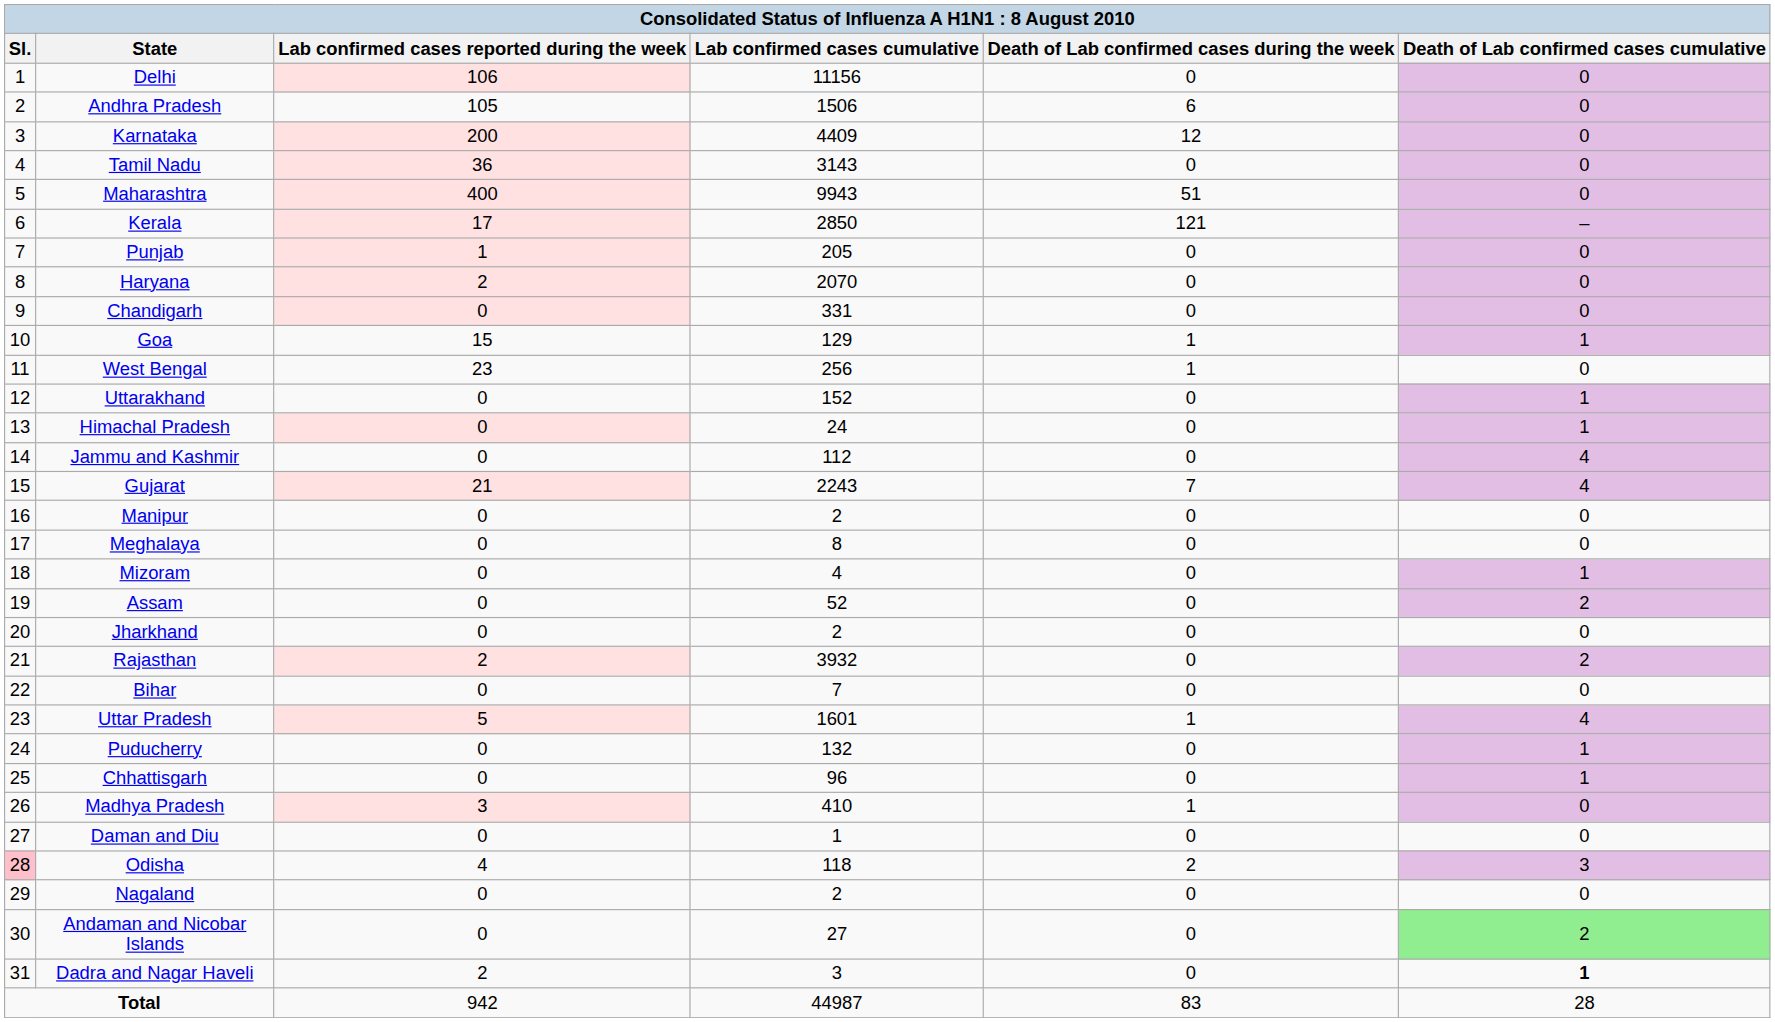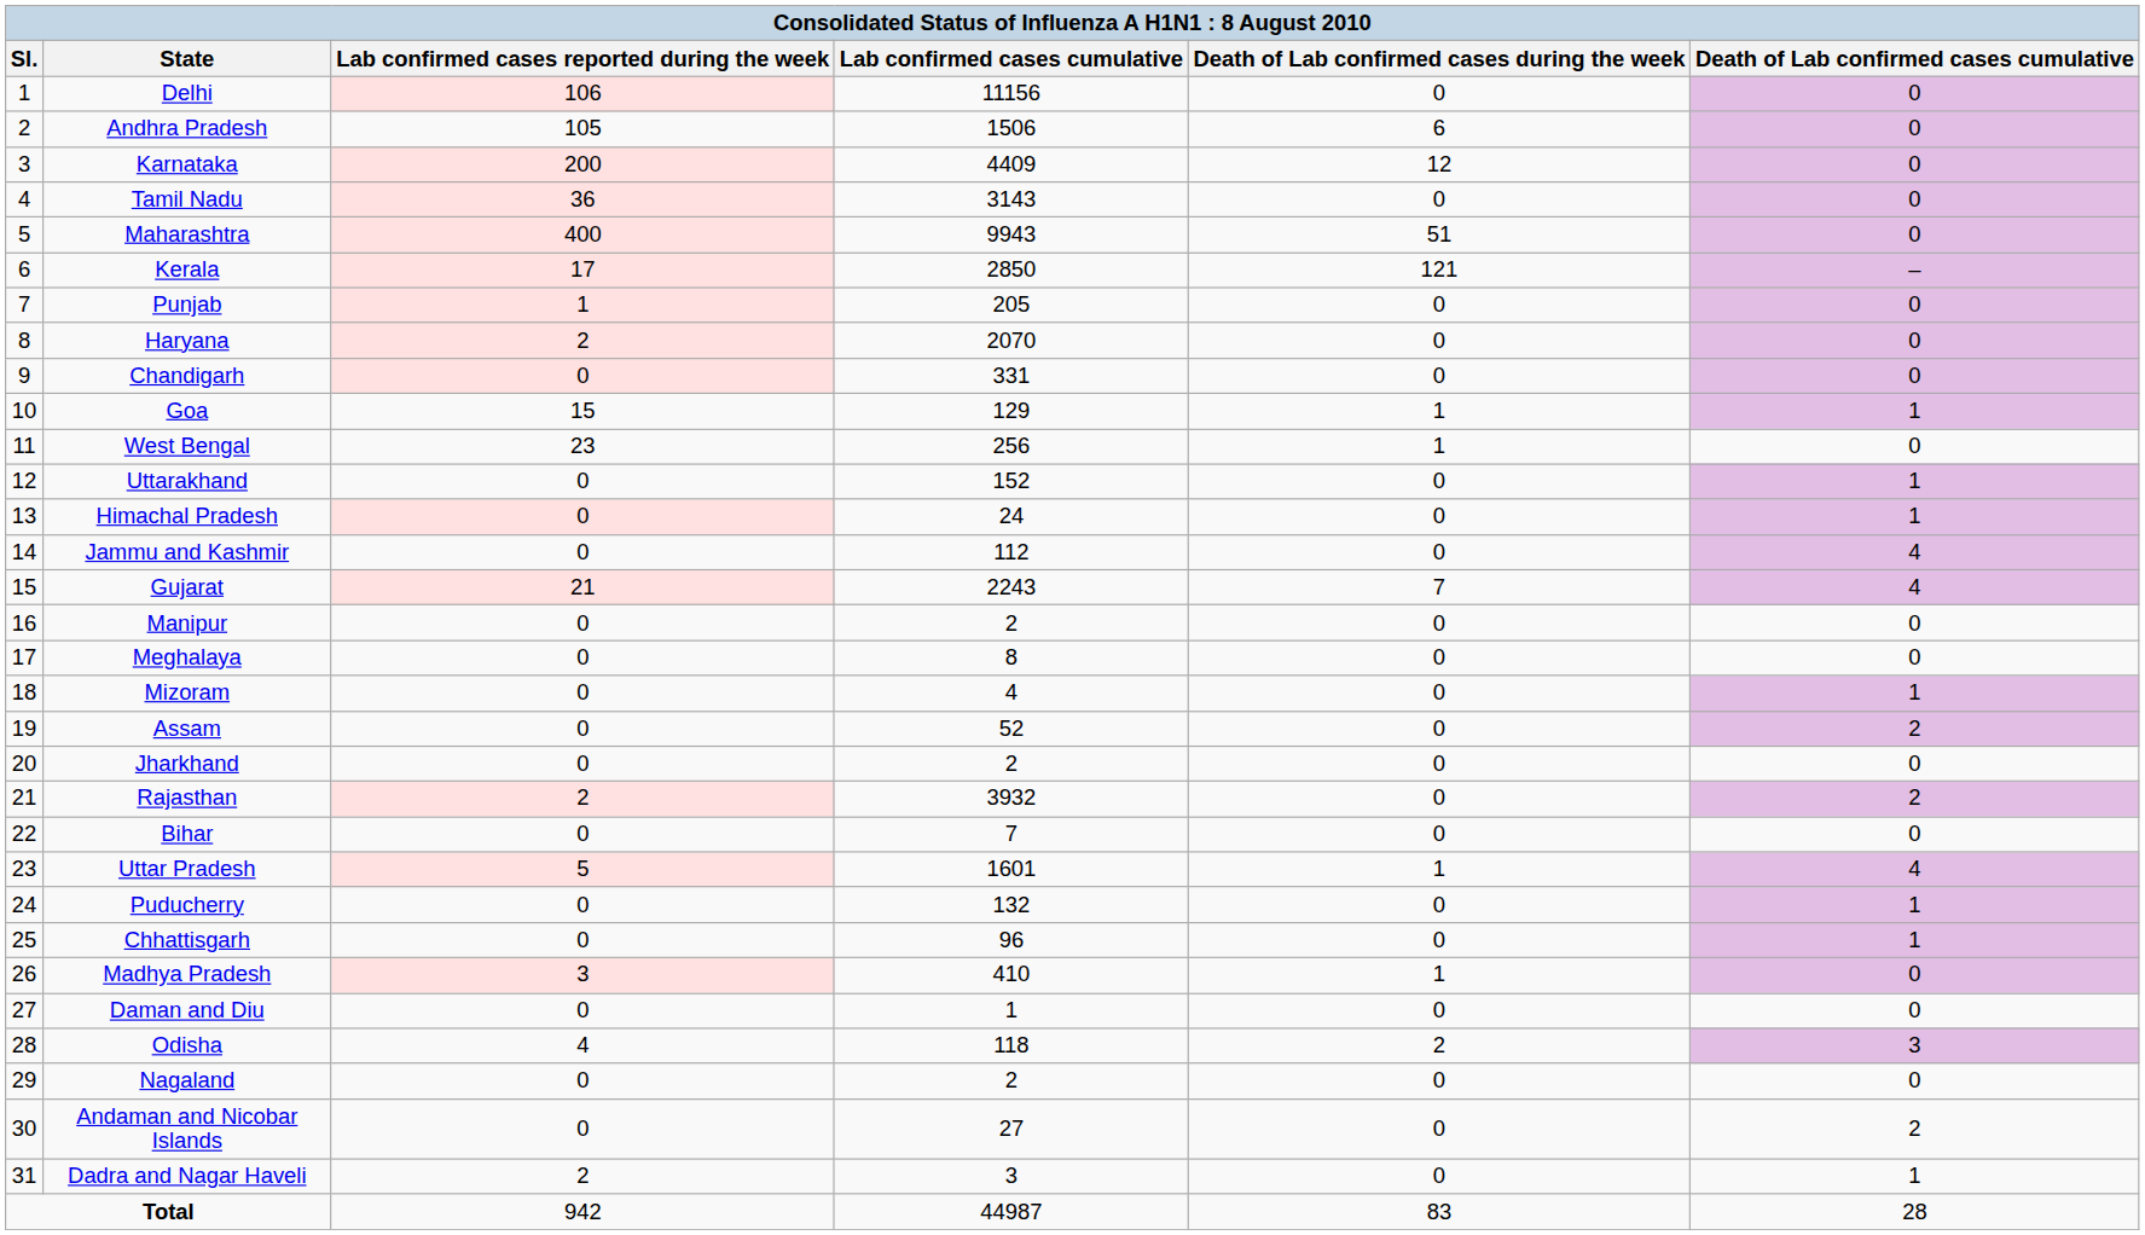 <table class = "wikitable sortable" style="text-align:center">
 <tr>
 <th colspan="6"  style="background:#c2d6e5; text-align:center;"><strong>Consolidated Status of Influenza A H1N1 : 8 August 2010</strong></th>
 </tr>
 <tr>
 <th>Sl.</th>
 <th style="width:200px">State</th>
 <th>Lab confirmed cases reported during the week</th>
 <th>Lab confirmed cases cumulative</th>
 <th>Death of Lab confirmed cases during the week</th>
 <th>Death of Lab confirmed cases cumulative</th>
 </tr>
 <tr>
 <td>1</td>
 <td><a href='#'>Delhi</a></td>
 <td style="background:#ffe1e1;">106</td>
 <td>11156</td>
 <td>0</td>
 <td style="background:#e2bee5;">0</td>
 </tr>
 <tr>
 <td>2</td>
 <td><a href='#'>Andhra Pradesh</a></td>
 <td>105</td>
 <td>1506</td>
 <td>6</td>
 <td style="background:#e2bee5;">0</td>
 </tr>
 <tr>
 <td>3</td>
 <td><a href='#'>Karnataka</a></td>
 <td style="background:#ffe1e1;">200</td>
 <td>4409</td>
 <td>12</td>
 <td style="background:#e2bee5;">0</td>
 </tr>
 <tr>
 <td>4</td>
 <td><a href='#'>Tamil Nadu</a></td>
 <td style="background:#ffe1e1;">36</td>
 <td>3143</td>
 <td>0</td>
 <td style="background:#e2bee5;">0</td>
 </tr>
 <tr>
 <td>5</td>
 <td><a href='#'>Maharashtra</a></td>
 <td style="background:#ffe1e1;">400</td>
 <td>9943</td>
 <td>51</td>
 <td style="background:#e2bee5;">0</td>
 </tr>
 <tr>
 <td>6</td>
 <td><a href='#'>Kerala</a></td>
 <td style="background:#ffe1e1;">17</td>
 <td>2850</td>
 <td>121</td>
 <td style="background:#e2bee5;">–</td>
 </tr>
 <tr>
 <td>7</td>
 <td><a href='#'>Punjab</a></td>
 <td style="background:#ffe1e1;">1</td>
 <td>205</td>
 <td>0</td>
 <td style="background:#e2bee5;">0</td>
 </tr>
 <tr>
 <td>8</td>
 <td><a href='#'>Haryana</a></td>
 <td style="background:#ffe1e1;">2</td>
 <td>2070</td>
 <td>0</td>
 <td style="background:#e2bee5;">0</td>
 </tr>
 <tr>
 <td>9</td>
 <td><a href='#'>Chandigarh</a></td>
 <td style="background:#ffe1e1;">0</td>
 <td>331</td>
 <td>0</td>
 <td style="background:#e2bee5;">0</td>
 </tr>
 <tr>
 <td>10</td>
 <td><a href='#'>Goa</a></td>
 <td>15</td>
 <td>129</td>
 <td>1</td>
 <td style="background:#e2bee5;">1</td>
 </tr>
 <tr>
 <td>11</td>
 <td><a href='#'>West Bengal</a></td>
 <td>23</td>
 <td>256</td>
 <td>1</td>
 <td>0</td>
 </tr>
 <tr>
 <td>12</td>
 <td><a href='#'>Uttarakhand</a></td>
 <td>0</td>
 <td>152</td>
 <td>0</td>
 <td style="background:#e2bee5;">1</td>
 </tr>
 <tr>
 <td>13</td>
 <td><a href='#'>Himachal Pradesh</a></td>
 <td style="background:#ffe1e1;">0</td>
 <td>24</td>
 <td>0</td>
 <td style="background:#e2bee5;">1</td>
 </tr>
 <tr>
 <td>14</td>
 <td><a href='#'>Jammu and Kashmir</a></td>
 <td>0</td>
 <td>112</td>
 <td>0</td>
 <td style="background:#e2bee5;">4</td>
 </tr>
 <tr>
 <td>15</td>
 <td><a href='#'>Gujarat</a></td>
 <td style="background:#ffe1e1;">21</td>
 <td>2243</td>
 <td>7</td>
 <td style="background:#e2bee5;">4</td>
 </tr>
 <tr>
 <td>16</td>
 <td><a href='#'>Manipur</a></td>
 <td>0</td>
 <td>2</td>
 <td>0</td>
 <td>0</td>
 </tr>
 <tr>
 <td>17</td>
 <td><a href='#'>Meghalaya</a></td>
 <td>0</td>
 <td>8</td>
 <td>0</td>
 <td>0</td>
 </tr>
 <tr>
 <td>18</td>
 <td><a href='#'>Mizoram</a></td>
 <td>0</td>
 <td>4</td>
 <td>0</td>
 <td style="background:#e2bee5;">1</td>
 </tr>
 <tr>
 <td>19</td>
 <td><a href='#'>Assam</a></td>
 <td>0</td>
 <td>52</td>
 <td>0</td>
 <td style="background:#e2bee5;">2</td>
 </tr>
 <tr>
 <td>20</td>
 <td><a href='#'>Jharkhand</a></td>
 <td>0</td>
 <td>2</td>
 <td>0</td>
 <td>0</td>
 </tr>
 <tr>
 <td>21</td>
 <td><a href='#'>Rajasthan</a></td>
 <td style="background:#ffe1e1;">2</td>
 <td>3932</td>
 <td>0</td>
 <td style="background:#e2bee5;">2</td>
 </tr>
 <tr>
 <td>22</td>
 <td><a href='#'>Bihar</a></td>
 <td>0</td>
 <td>7</td>
 <td>0</td>
 <td>0</td>
 </tr>
 <tr>
 <td>23</td>
 <td><a href='#'>Uttar Pradesh</a></td>
 <td style="background:#ffe1e1;">5</td>
 <td>1601</td>
 <td>1</td>
 <td style="background:#e2bee5;">4</td>
 </tr>
 <tr>
 <td>24</td>
 <td><a href='#'>Puducherry</a></td>
 <td>0</td>
 <td>132</td>
 <td>0</td>
 <td style="background:#e2bee5;">1</td>
 </tr>
 <tr>
 <td>25</td>
 <td><a href='#'>Chhattisgarh</a></td>
 <td>0</td>
 <td>96</td>
 <td>0</td>
 <td style="background:#e2bee5;">1</td>
 </tr>
 <tr>
 <td>26</td>
 <td><a href='#'>Madhya Pradesh</a></td>
 <td style="background:#ffe1e1;">3</td>
 <td>410</td>
 <td>1</td>
 <td style="background:#e2bee5;">0</td>
 </tr>
 <tr>
 <td>27</td>
 <td><a href='#'>Daman and Diu</a></td>
 <td>0</td>
 <td>1</td>
 <td>0</td>
 <td>0</td>
 </tr>
 <tr>
-<td style="background: pink;">28</td>
+<td>28</td>
 <td><a href='#'>Odisha</a></td>
 <td>4</td>
 <td>118</td>
 <td>2</td>
 <td style="background:#e2bee5;">3</td>
 </tr>
 <tr>
 <td>29</td>
 <td><a href='#'>Nagaland</a></td>
 <td>0</td>
 <td>2</td>
 <td>0</td>
 <td>0</td>
 </tr>
 <tr>
 <td>30</td>
 <td><a href='#'>Andaman and Nicobar Islands</a></td>
 <td>0</td>
 <td>27</td>
 <td>0</td>
-<td style="background: lightgreen;">2</td>
+<td>2</td>
 </tr>
 <tr>
 <td>31</td>
 <td><a href='#'>Dadra and Nagar Haveli</a></td>
 <td>2</td>
 <td>3</td>
 <td>0</td>
-<td><strong>1</strong></td>
+<td>1</td>
 </tr>
 <tr>
 <td colspan="2" style="text-align:center;"><strong>Total</strong></td>
 <td>942</td>
 <td>44987</td>
 <td>83</td>
 <td>28</td>
 </tr>
 </table>
